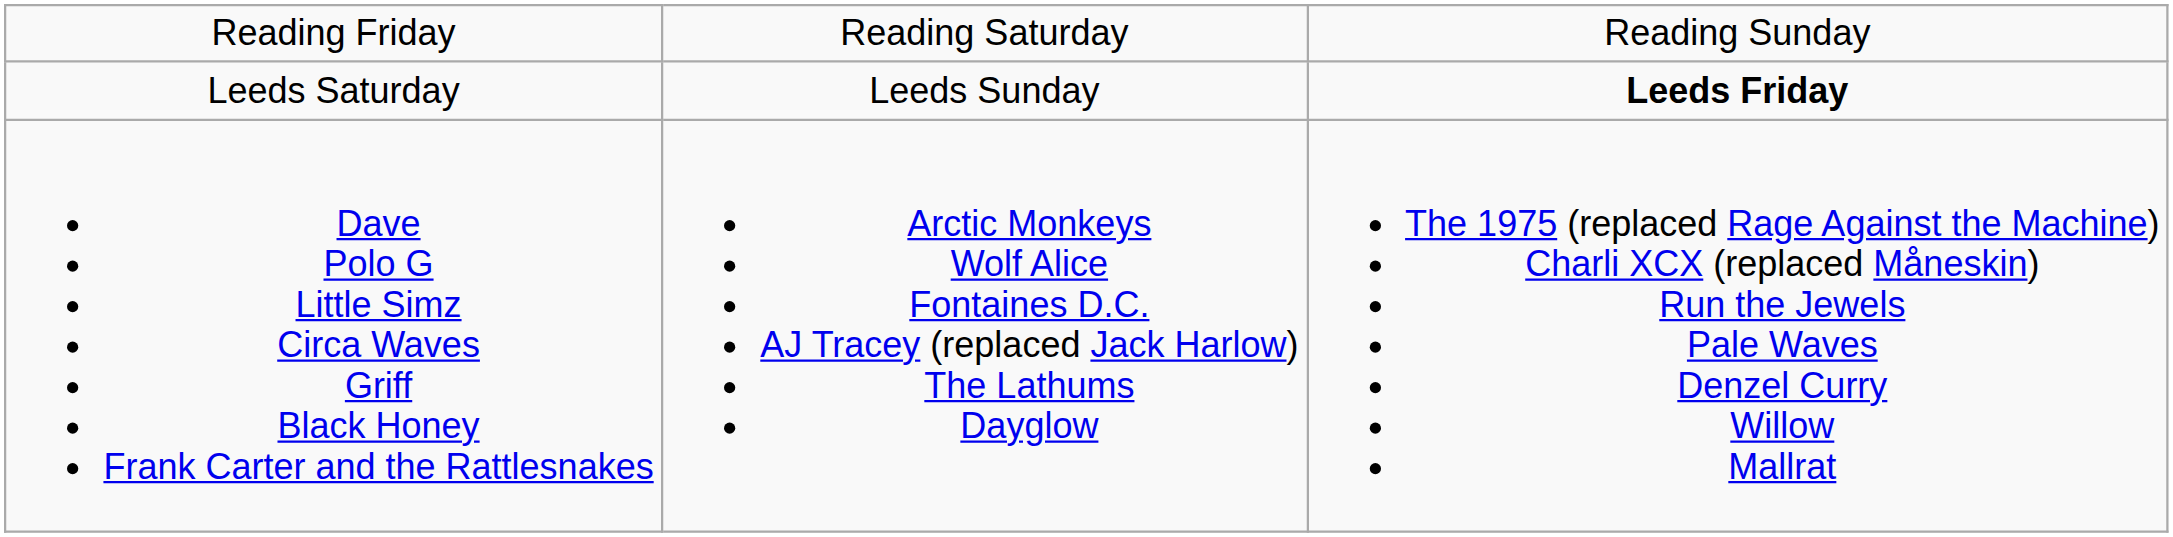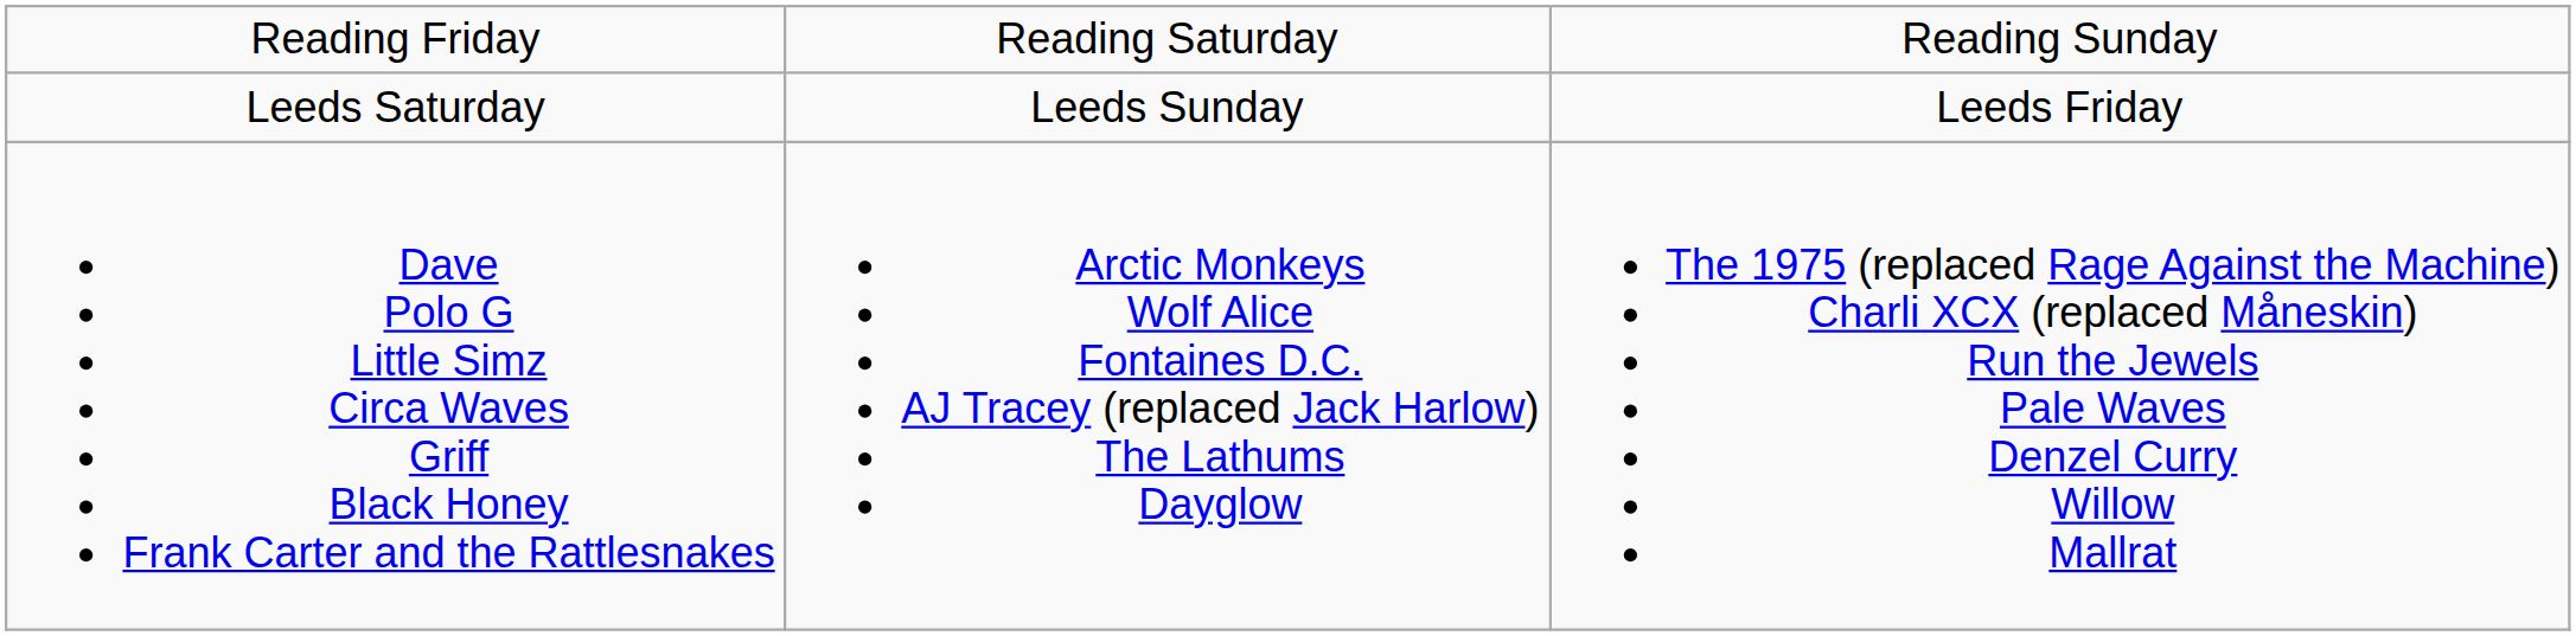 <table class="wikitable" style="text-align:center;">
 <tr>
 <td>Reading Friday</td>
 <td>Reading Saturday</td>
 <td>Reading Sunday</td>
 </tr>
 <tr>
 <td>Leeds Saturday</td>
 <td>Leeds Sunday</td>
-<td><strong>Leeds Friday</strong></td>
+<td>Leeds Friday</td>
 </tr>
 <tr>
 <td valign="top"><br><ul><li><a href='#'>Dave</a></li><li><a href='#'>Polo G</a></li><li><a href='#'>Little Simz</a></li><li><a href='#'>Circa Waves</a></li><li><a href='#'>Griff</a></li><li><a href='#'>Black Honey</a></li><li><a href='#'>Frank Carter and the Rattlesnakes</a></li></ul></td>
 <td valign="top"><br><ul><li><a href='#'>Arctic Monkeys</a></li><li><a href='#'>Wolf Alice</a></li><li><a href='#'>Fontaines D.C.</a></li><li><a href='#'>AJ Tracey</a> (replaced <a href='#'>Jack Harlow</a>)</li><li><a href='#'>The Lathums</a></li><li><a href='#'>Dayglow</a></li></ul></td>
 <td valign="top"><br><ul><li><a href='#'>The 1975</a> (replaced <a href='#'>Rage Against the Machine</a>)</li><li><a href='#'>Charli XCX</a> (replaced <a href='#'>Måneskin</a>)</li><li><a href='#'>Run the Jewels</a></li><li><a href='#'>Pale Waves</a></li><li><a href='#'>Denzel Curry</a></li><li><a href='#'>Willow</a></li><li><a href='#'>Mallrat</a></li></ul></td>
 </tr>
 </table>
